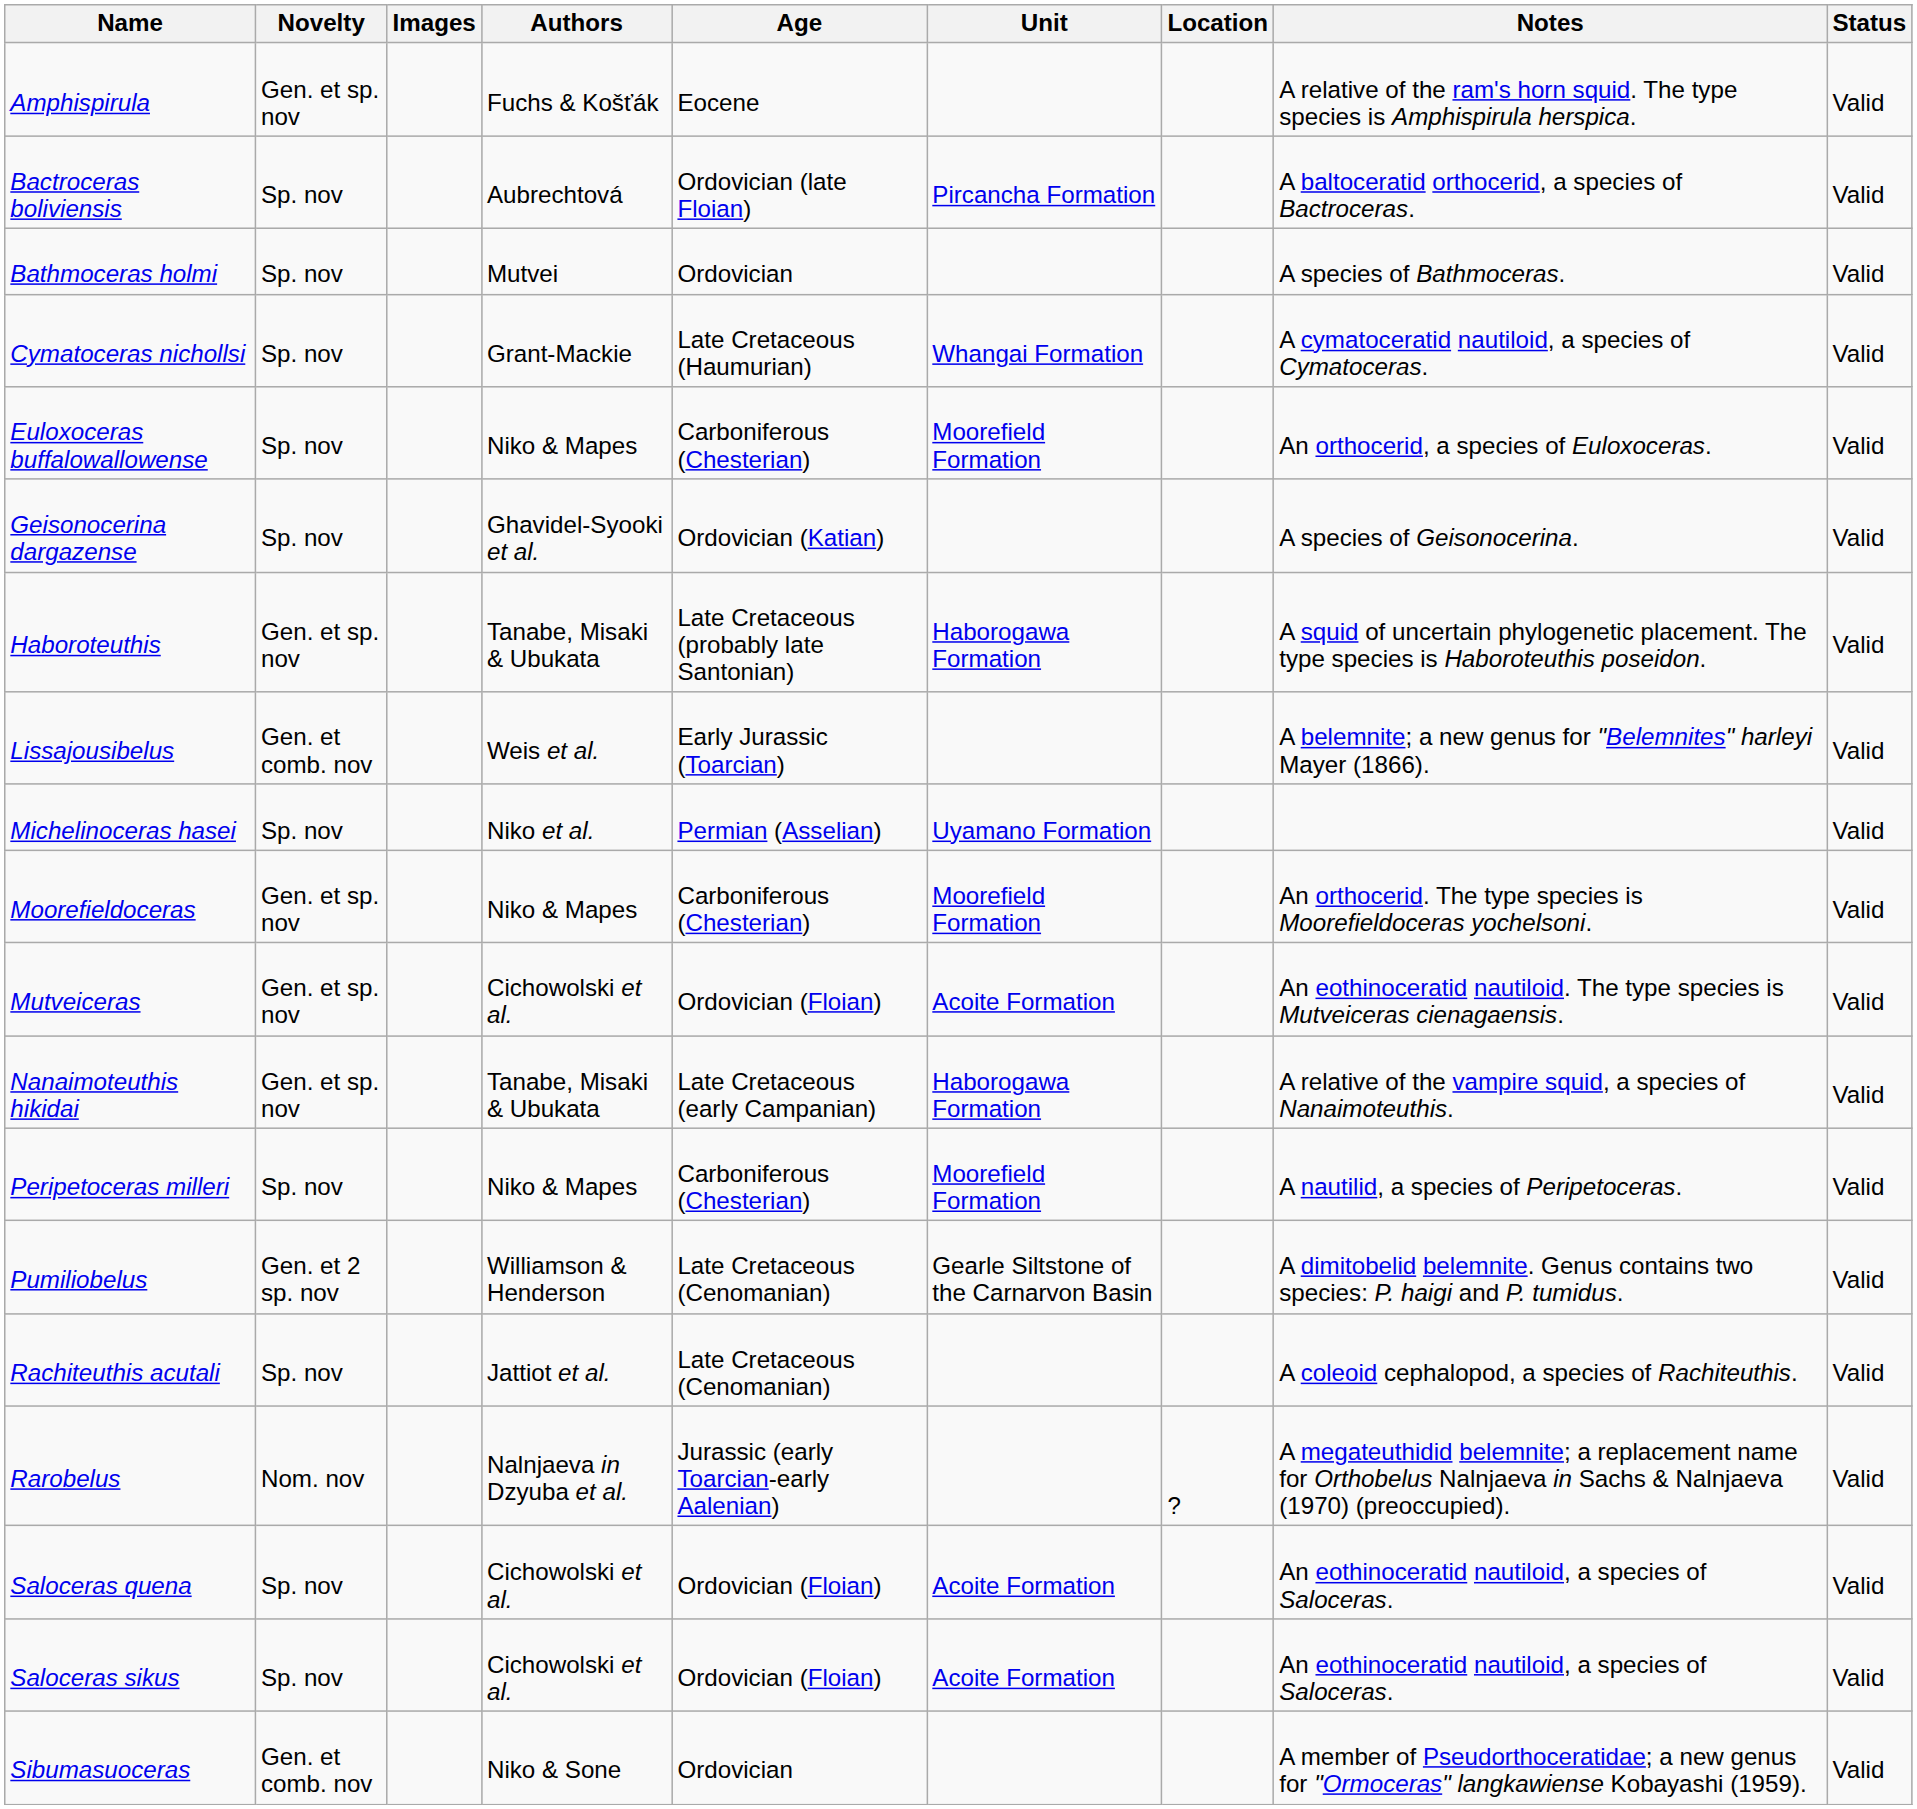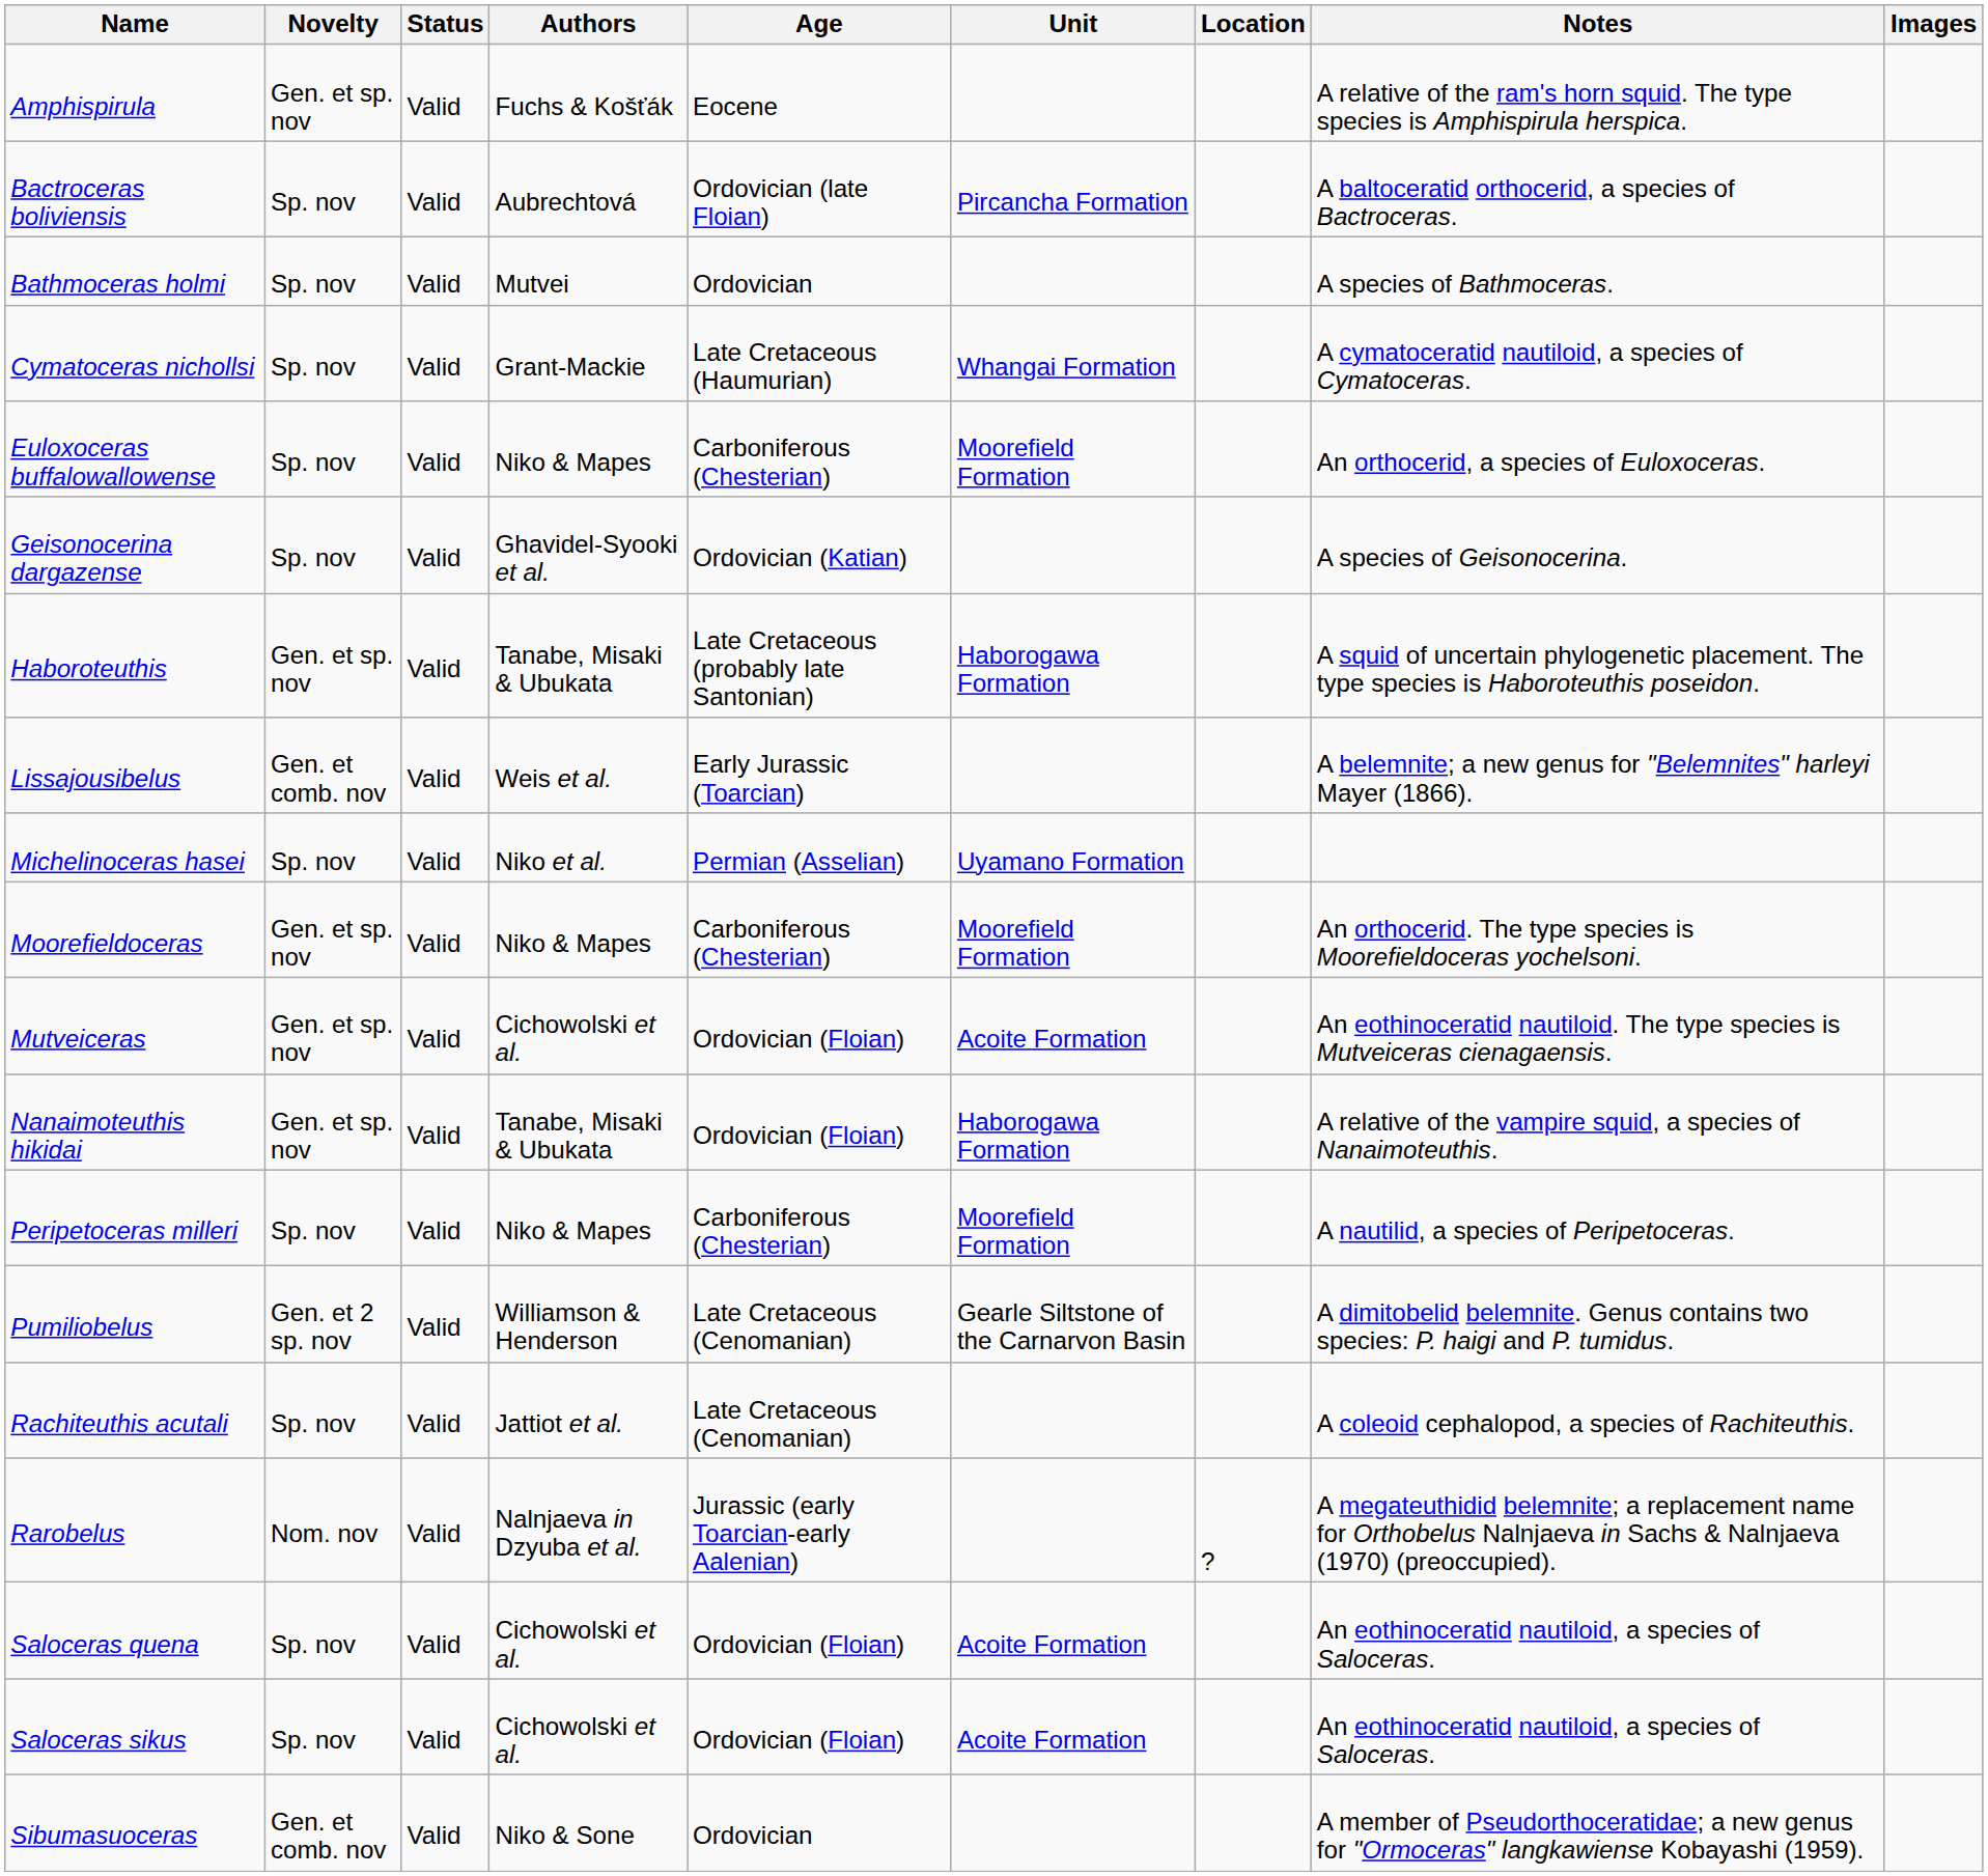 <table class="wikitable sortable"  style="margin:auto; width:100%;">
 <tr>
 <th>Name</th>
 <th>Novelty</th>
-<th>Images</th>
+<th>Status</th>
 <th>Authors</th>
 <th>Age</th>
 <th>Unit</th>
 <th>Location</th>
 <th>Notes</th>
-<th>Status</th>
+<th>Images</th>
 </tr>
 <tr>
 <td><br><em><a href='#'>Amphispirula</a></em></td>
 <td><br>Gen. et sp. nov</td>
-<td></td>
+<td><br>Valid</td>
 <td><br>Fuchs & Košťák</td>
 <td><br>Eocene</td>
 <td></td>
 <td><br></td>
 <td><br>A relative of the <a href='#'>ram's horn squid</a>. The type species is <em>Amphispirula herspica</em>.</td>
-<td><br>Valid</td>
+<td></td>
 </tr>
 <tr>
 <td><br><em><a href='#'>Bactroceras boliviensis</a></em></td>
 <td><br>Sp. nov</td>
-<td></td>
+<td><br>Valid</td>
 <td><br>Aubrechtová</td>
 <td><br>Ordovician (late <a href='#'>Floian</a>)</td>
 <td><br><a href='#'>Pircancha Formation</a></td>
 <td><br></td>
 <td><br>A <a href='#'>baltoceratid</a> <a href='#'>orthocerid</a>, a species of <em>Bactroceras</em>.</td>
-<td><br>Valid</td>
+<td></td>
 </tr>
 <tr>
 <td><br><em><a href='#'>Bathmoceras holmi</a></em></td>
 <td><br>Sp. nov</td>
-<td></td>
+<td><br>Valid</td>
 <td><br>Mutvei</td>
 <td><br>Ordovician</td>
 <td></td>
 <td><br></td>
 <td><br>A species of <em>Bathmoceras</em>.</td>
-<td><br>Valid</td>
+<td></td>
 </tr>
 <tr>
 <td><br><em><a href='#'>Cymatoceras nichollsi</a></em></td>
 <td><br>Sp. nov</td>
-<td></td>
+<td><br>Valid</td>
 <td><br>Grant-Mackie</td>
 <td><br>Late Cretaceous (Haumurian)</td>
 <td><br><a href='#'>Whangai Formation</a></td>
 <td><br></td>
 <td><br>A <a href='#'>cymatoceratid</a> <a href='#'>nautiloid</a>, a species of <em>Cymatoceras</em>.</td>
-<td><br>Valid</td>
+<td></td>
 </tr>
 <tr>
 <td><br><em><a href='#'>Euloxoceras buffalowallowense</a></em></td>
 <td><br>Sp. nov</td>
-<td></td>
+<td><br>Valid</td>
 <td><br>Niko & Mapes</td>
 <td><br>Carboniferous (<a href='#'>Chesterian</a>)</td>
 <td><br><a href='#'>Moorefield Formation</a></td>
 <td><br></td>
 <td><br>An <a href='#'>orthocerid</a>, a species of <em>Euloxoceras</em>.</td>
-<td><br>Valid</td>
+<td></td>
 </tr>
 <tr>
 <td><br><em><a href='#'>Geisonocerina dargazense</a></em></td>
 <td><br>Sp. nov</td>
-<td></td>
+<td><br>Valid</td>
 <td><br>Ghavidel-Syooki <em>et al.</em></td>
 <td><br>Ordovician (<a href='#'>Katian</a>)</td>
 <td></td>
 <td><br></td>
 <td><br>A species of <em>Geisonocerina</em>.</td>
-<td><br>Valid</td>
+<td></td>
 </tr>
 <tr>
 <td><br><em><a href='#'>Haboroteuthis</a></em></td>
 <td><br>Gen. et sp. nov</td>
-<td></td>
+<td><br>Valid</td>
 <td><br>Tanabe, Misaki & Ubukata</td>
 <td><br>Late Cretaceous (probably late Santonian)</td>
 <td><br><a href='#'>Haborogawa Formation</a></td>
 <td><br></td>
 <td><br>A <a href='#'>squid</a> of uncertain phylogenetic placement. The type species is <em>Haboroteuthis poseidon</em>.</td>
-<td><br>Valid</td>
+<td></td>
 </tr>
 <tr>
 <td><br><em><a href='#'>Lissajousibelus</a></em></td>
 <td><br>Gen. et comb. nov</td>
-<td></td>
+<td><br>Valid</td>
 <td><br>Weis <em>et al.</em></td>
 <td><br>Early Jurassic (<a href='#'>Toarcian</a>)</td>
 <td></td>
 <td><br></td>
 <td><br>A <a href='#'>belemnite</a>; a new genus for <em>"<a href='#'>Belemnites</a>" harleyi</em> Mayer (1866).</td>
-<td><br>Valid</td>
+<td></td>
 </tr>
 <tr>
 <td><br><em><a href='#'>Michelinoceras hasei</a></em></td>
 <td><br>Sp. nov</td>
-<td></td>
+<td><br>Valid</td>
 <td><br>Niko <em>et al.</em></td>
 <td><br><a href='#'>Permian</a> (<a href='#'>Asselian</a>)</td>
 <td><br><a href='#'>Uyamano Formation</a></td>
 <td><br></td>
 <td></td>
-<td><br>Valid</td>
+<td></td>
 </tr>
 <tr>
 <td><br><em><a href='#'>Moorefieldoceras</a></em></td>
 <td><br>Gen. et sp. nov</td>
-<td></td>
+<td><br>Valid</td>
 <td><br>Niko & Mapes</td>
 <td><br>Carboniferous (<a href='#'>Chesterian</a>)</td>
 <td><br><a href='#'>Moorefield Formation</a></td>
 <td><br></td>
 <td><br>An <a href='#'>orthocerid</a>. The type species is <em>Moorefieldoceras yochelsoni</em>.</td>
-<td><br>Valid</td>
+<td></td>
 </tr>
 <tr>
 <td><br><em><a href='#'>Mutveiceras</a></em></td>
 <td><br>Gen. et sp. nov</td>
-<td></td>
+<td><br>Valid</td>
 <td><br>Cichowolski <em>et al.</em></td>
 <td><br>Ordovician (<a href='#'>Floian</a>)</td>
 <td><br><a href='#'>Acoite Formation</a></td>
 <td><br></td>
 <td><br>An <a href='#'>eothinoceratid</a> <a href='#'>nautiloid</a>. The type species is <em>Mutveiceras cienagaensis</em>.</td>
-<td><br>Valid</td>
+<td></td>
 </tr>
 <tr>
 <td><br><em><a href='#'>Nanaimoteuthis hikidai</a></em></td>
 <td><br>Gen. et sp. nov</td>
-<td></td>
+<td><br>Valid</td>
 <td><br>Tanabe, Misaki & Ubukata</td>
-<td><br>Late Cretaceous (early Campanian)</td>
+<td><br>Ordovician (<a href='#'>Floian</a>)</td>
 <td><br><a href='#'>Haborogawa Formation</a></td>
 <td><br></td>
 <td><br>A relative of the <a href='#'>vampire squid</a>, a species of <em>Nanaimoteuthis</em>.</td>
-<td><br>Valid</td>
+<td></td>
 </tr>
 <tr>
 <td><br><em><a href='#'>Peripetoceras milleri</a></em></td>
 <td><br>Sp. nov</td>
-<td></td>
+<td><br>Valid</td>
 <td><br>Niko & Mapes</td>
 <td><br>Carboniferous (<a href='#'>Chesterian</a>)</td>
 <td><br><a href='#'>Moorefield Formation</a></td>
 <td><br></td>
 <td><br>A <a href='#'>nautilid</a>, a species of <em>Peripetoceras</em>.</td>
-<td><br>Valid</td>
+<td></td>
 </tr>
 <tr>
 <td><br><em><a href='#'>Pumiliobelus</a></em></td>
 <td><br>Gen. et 2 sp. nov</td>
-<td></td>
+<td><br>Valid</td>
 <td><br>Williamson & Henderson</td>
 <td><br>Late Cretaceous (Cenomanian)</td>
 <td><br>Gearle Siltstone of the Carnarvon Basin</td>
 <td><br></td>
 <td><br>A <a href='#'>dimitobelid</a> <a href='#'>belemnite</a>. Genus contains two species: <em>P. haigi</em> and <em>P. tumidus</em>.</td>
-<td><br>Valid</td>
+<td></td>
 </tr>
 <tr>
 <td><br><em><a href='#'>Rachiteuthis acutali</a></em></td>
 <td><br>Sp. nov</td>
-<td></td>
+<td><br>Valid</td>
 <td><br>Jattiot <em>et al.</em></td>
 <td><br>Late Cretaceous (Cenomanian)</td>
 <td></td>
 <td><br></td>
 <td><br>A <a href='#'>coleoid</a> cephalopod, a species of <em>Rachiteuthis</em>.</td>
-<td><br>Valid</td>
+<td></td>
 </tr>
 <tr>
 <td><br><em><a href='#'>Rarobelus</a></em></td>
 <td><br>Nom. nov</td>
-<td></td>
+<td><br>Valid</td>
 <td><br>Nalnjaeva <em>in</em> Dzyuba <em>et al.</em></td>
 <td><br>Jurassic (early <a href='#'>Toarcian</a>-early <a href='#'>Aalenian</a>)</td>
 <td></td>
 <td><br><br> <br> ?</td>
 <td><br>A <a href='#'>megateuthidid</a> <a href='#'>belemnite</a>; a replacement name for <em>Orthobelus</em> Nalnjaeva <em>in</em> Sachs & Nalnjaeva (1970) (preoccupied).</td>
-<td><br>Valid</td>
+<td></td>
 </tr>
 <tr>
 <td><br><em><a href='#'>Saloceras quena</a></em></td>
 <td><br>Sp. nov</td>
-<td></td>
+<td><br>Valid</td>
 <td><br>Cichowolski <em>et al.</em></td>
 <td><br>Ordovician (<a href='#'>Floian</a>)</td>
 <td><br><a href='#'>Acoite Formation</a></td>
 <td><br></td>
 <td><br>An <a href='#'>eothinoceratid</a> <a href='#'>nautiloid</a>, a species of <em>Saloceras</em>.</td>
-<td><br>Valid</td>
+<td></td>
 </tr>
 <tr>
 <td><br><em><a href='#'>Saloceras sikus</a></em></td>
 <td><br>Sp. nov</td>
-<td></td>
+<td><br>Valid</td>
 <td><br>Cichowolski <em>et al.</em></td>
 <td><br>Ordovician (<a href='#'>Floian</a>)</td>
 <td><br><a href='#'>Acoite Formation</a></td>
 <td><br></td>
 <td><br>An <a href='#'>eothinoceratid</a> <a href='#'>nautiloid</a>, a species of <em>Saloceras</em>.</td>
-<td><br>Valid</td>
+<td></td>
 </tr>
 <tr>
 <td><br><em><a href='#'>Sibumasuoceras</a></em></td>
 <td><br>Gen. et comb. nov</td>
-<td></td>
+<td><br>Valid</td>
 <td><br>Niko & Sone</td>
 <td><br>Ordovician</td>
 <td></td>
 <td><br><br> </td>
 <td><br>A member of <a href='#'>Pseudorthoceratidae</a>; a new genus for <em>"<a href='#'>Ormoceras</a>" langkawiense</em> Kobayashi (1959).</td>
-<td><br>Valid</td>
+<td></td>
 </tr>
 </table>
